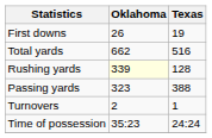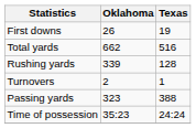 <table class="wikitable" style="float: left;">
 <tr>
 <th>Statistics</th>
 <th>Oklahoma</th>
 <th>Texas</th>
 </tr>
 <tr>
 <td>First downs</td>
 <td>26</td>
 <td>19</td>
 </tr>
 <tr>
 <td>Total yards</td>
 <td>662</td>
 <td>516</td>
 </tr>
 <tr>
 <td>Rushing yards</td>
-<td style="background: lightyellow;">339</td>
+<td>339</td>
 <td>128</td>
+</tr>
+<tr>
+<td>Turnovers</td>
+<td>2</td>
+<td>1</td>
 </tr>
 <tr>
 <td>Passing yards</td>
 <td>323</td>
 <td>388</td>
-</tr>
-<tr>
-<td>Turnovers</td>
-<td>2</td>
-<td>1</td>
 </tr>
 <tr>
 <td>Time of possession</td>
 <td>35:23</td>
 <td>24:24</td>
 </tr>
 <tr>
 </tr>
 </table>
